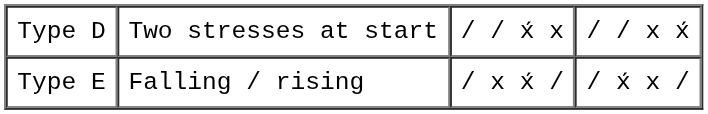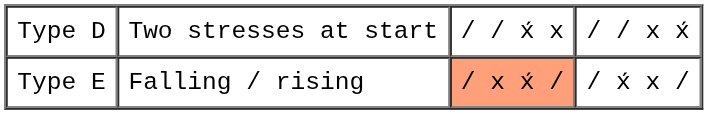 <table border=1 cellspacing=0 cellpadding=5>
 <tr>
 <td>Type D</td>
 <td>Two stresses at start</td>
 <td>/ / x́ x</td>
 <td>/ / x x́</td>
 </tr>
 <tr>
 <td>Type E</td>
 <td>Falling / rising</td>
-<td>/ x x́ /</td>
+<td style="background: lightsalmon;">/ x x́ /</td>
 <td>/ x́ x /</td>
 </tr>
 </table>
